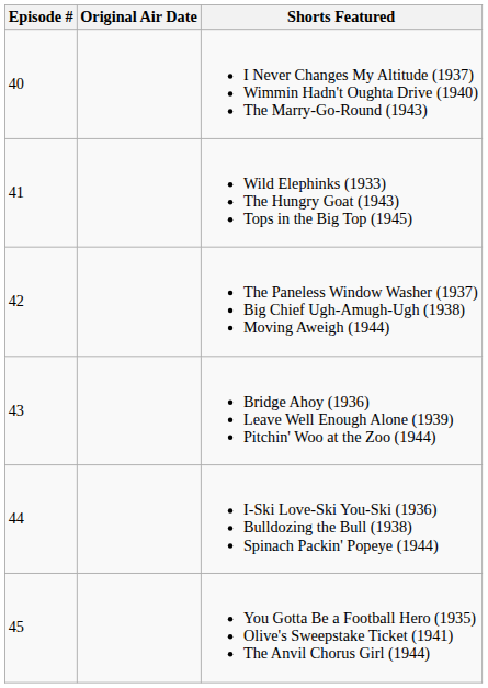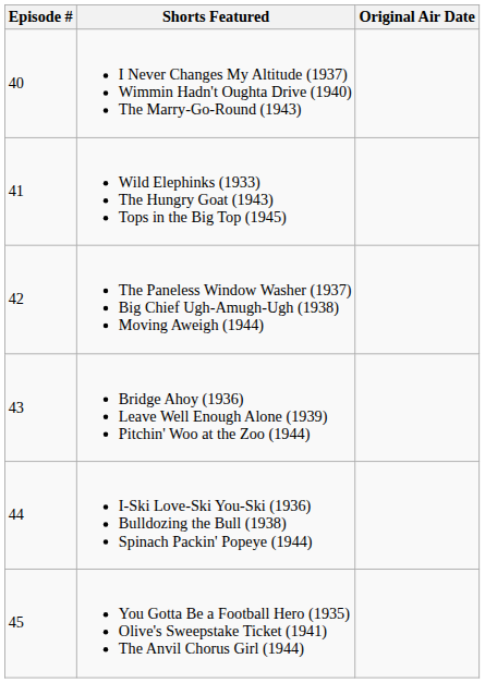 <table class="wikitable">
 <tr>
 <th>Episode #</th>
+<th>Shorts Featured</th>
 <th>Original Air Date</th>
-<th>Shorts Featured</th>
 </tr>
 <tr>
 <td>40</td>
+<td><br><ul><li>I Never Changes My Altitude (1937)</li><li>Wimmin Hadn't Oughta Drive (1940)</li><li>The Marry-Go-Round (1943)</li></ul></td>
 <td></td>
-<td><br><ul><li>I Never Changes My Altitude (1937)</li><li>Wimmin Hadn't Oughta Drive (1940)</li><li>The Marry-Go-Round (1943)</li></ul></td>
 </tr>
 <tr>
 <td>41</td>
+<td><br><ul><li>Wild Elephinks (1933)</li><li>The Hungry Goat (1943)</li><li>Tops in the Big Top (1945)</li></ul></td>
 <td></td>
-<td><br><ul><li>Wild Elephinks (1933)</li><li>The Hungry Goat (1943)</li><li>Tops in the Big Top (1945)</li></ul></td>
 </tr>
 <tr>
 <td>42</td>
+<td><br><ul><li>The Paneless Window Washer (1937)</li><li>Big Chief Ugh-Amugh-Ugh (1938)</li><li>Moving Aweigh (1944)</li></ul></td>
 <td></td>
-<td><br><ul><li>The Paneless Window Washer (1937)</li><li>Big Chief Ugh-Amugh-Ugh (1938)</li><li>Moving Aweigh (1944)</li></ul></td>
 </tr>
 <tr>
 <td>43</td>
+<td><br><ul><li>Bridge Ahoy (1936)</li><li>Leave Well Enough Alone (1939)</li><li>Pitchin' Woo at the Zoo (1944)</li></ul></td>
 <td></td>
-<td><br><ul><li>Bridge Ahoy (1936)</li><li>Leave Well Enough Alone (1939)</li><li>Pitchin' Woo at the Zoo (1944)</li></ul></td>
 </tr>
 <tr>
 <td>44</td>
+<td><br><ul><li>I-Ski Love-Ski You-Ski (1936)</li><li>Bulldozing the Bull (1938)</li><li>Spinach Packin' Popeye (1944)</li></ul></td>
 <td></td>
-<td><br><ul><li>I-Ski Love-Ski You-Ski (1936)</li><li>Bulldozing the Bull (1938)</li><li>Spinach Packin' Popeye (1944)</li></ul></td>
 </tr>
 <tr>
 <td>45</td>
+<td><br><ul><li>You Gotta Be a Football Hero (1935)</li><li>Olive's Sweepstake Ticket (1941)</li><li>The Anvil Chorus Girl (1944)</li></ul></td>
 <td></td>
-<td><br><ul><li>You Gotta Be a Football Hero (1935)</li><li>Olive's Sweepstake Ticket (1941)</li><li>The Anvil Chorus Girl (1944)</li></ul></td>
 </tr>
 </table>
